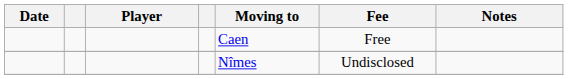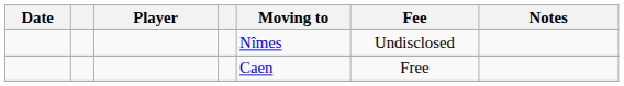 <table class="wikitable sortable">
 <tr>
 <th style="width:80px;">Date</th>
 <th style="width:30px;"></th>
 <th style="width:180px;">Player</th>
 <th style="width:20px;"></th>
 <th style="width:155px;">Moving to</th>
 <th style="width:155px;" class="unsortable">Fee</th>
 <th style="width:215px;" class="unsortable">Notes</th>
 </tr>
 <tr>
 <td></td>
 <td align=center></td>
 <td> </td>
 <td></td>
-<td> <a href='#'>Caen</a></td>
-<td align=center>Free</td>
+<td> <a href='#'>Nîmes</a></td>
+<td align=center>Undisclosed</td>
 <td align=center></td>
 </tr>
 <tr>
 </tr>
 <tr>
 <td></td>
 <td align=center></td>
 <td> </td>
 <td></td>
-<td> <a href='#'>Nîmes</a></td>
-<td align=center>Undisclosed</td>
+<td> <a href='#'>Caen</a></td>
+<td align=center>Free</td>
 <td align=center></td>
 </tr>
 <tr>
 </tr>
 </table>
